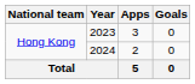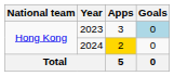 <table class="wikitable" style="text-align:center">
 <tr>
 <th>National team</th>
 <th>Year</th>
 <th>Apps</th>
 <th>Goals</th>
 </tr>
 <tr>
 <td rowspan="2"><a href='#'>Hong Kong</a></td>
 <td>2023</td>
 <td>3</td>
-<td>0</td>
+<td style="background: lightblue;">0</td>
 </tr>
 <tr>
 <td>2024</td>
-<td>2</td>
+<td style="background: gold;">2</td>
 <td>0</td>
 </tr>
 <tr>
 <th colspan="2">Total</th>
 <th>5</th>
 <th>0</th>
 </tr>
 </table>
